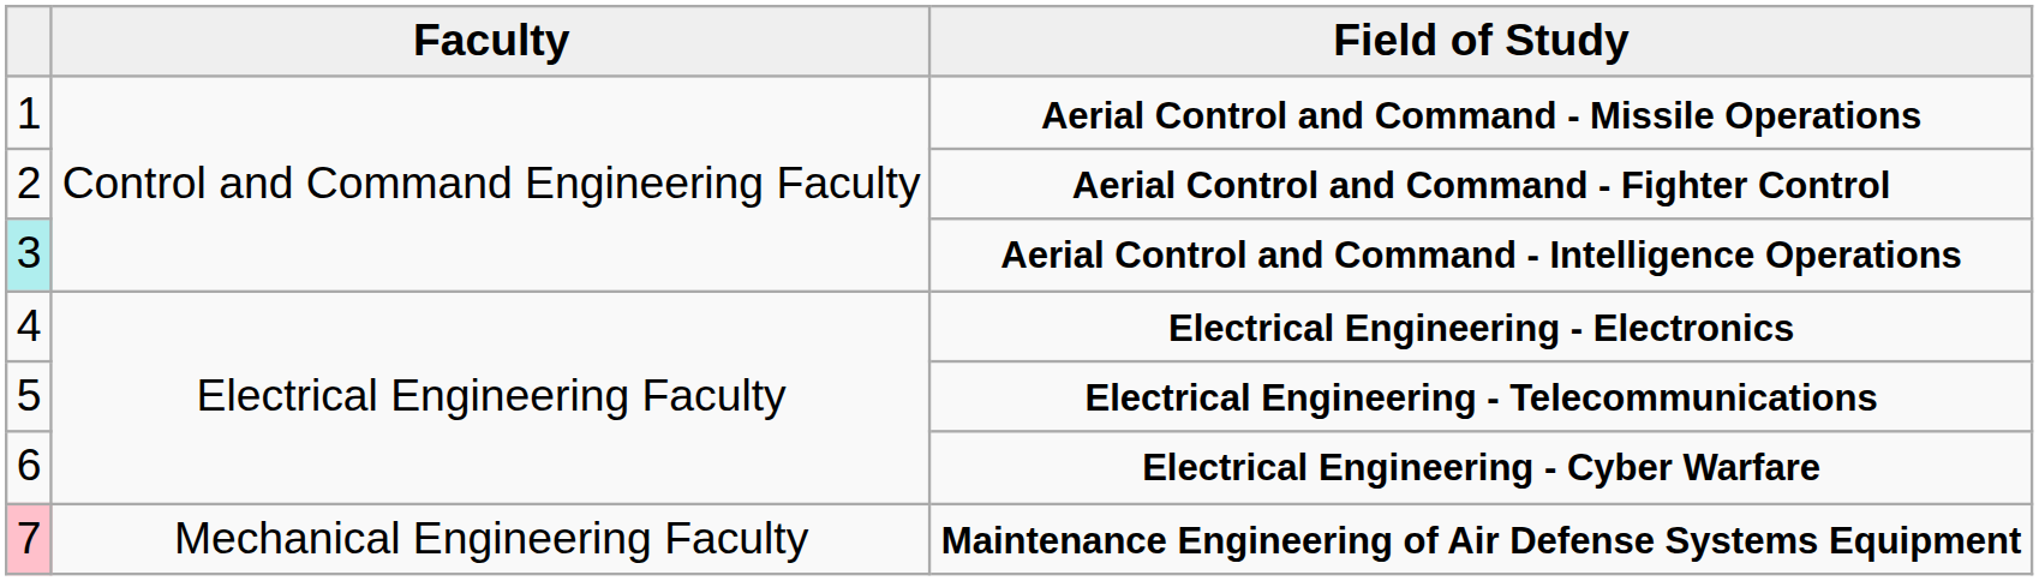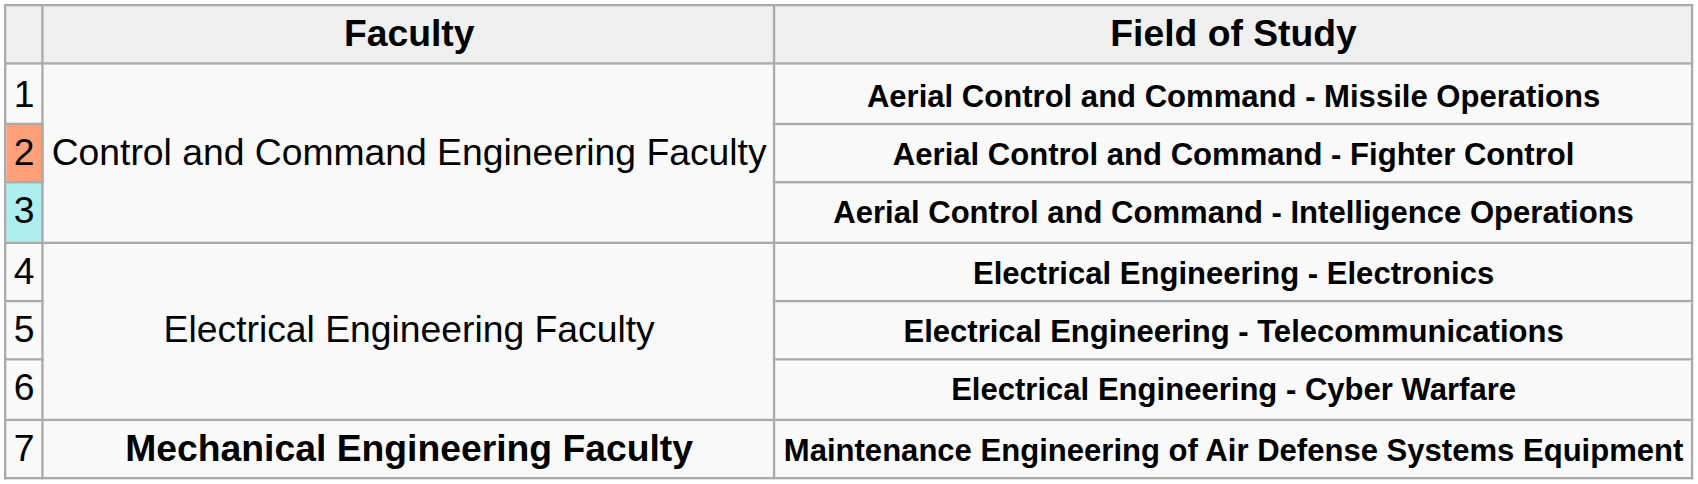 <table class="wikitable" style="text-align: center;">
 <tr>
 <th style="background: #efefef;"></th>
 <th style="background: #efefef;"><strong>Faculty</strong></th>
 <th style="background: #efefef;"><strong>Field of Study</strong></th>
 </tr>
 <tr>
 <td>1</td>
 <td rowspan="3">Control and Command Engineering Faculty</td>
 <td><strong><small>Aerial Control and Command - Missile Operations</small></strong></td>
 </tr>
 <tr>
-<td>2</td>
+<td style="background: lightsalmon;">2</td>
 <td><strong><small>Aerial Control and Command - Fighter Control</small></strong></td>
 </tr>
 <tr>
 <td style="background: paleturquoise;">3</td>
 <td><strong><small>Aerial Control and Command - Intelligence Operations</small></strong></td>
 </tr>
 <tr>
 <td>4</td>
 <td rowspan="3">Electrical Engineering Faculty</td>
 <td><strong><small>Electrical Engineering - Electronics</small></strong></td>
 </tr>
 <tr>
 <td>5</td>
 <td><strong><small>Electrical Engineering - Telecommunications</small></strong></td>
 </tr>
 <tr>
 <td>6</td>
 <td><strong><small>Electrical Engineering - Cyber Warfare</small></strong></td>
 </tr>
 <tr>
-<td style="background: pink;">7</td>
-<td>Mechanical Engineering Faculty</td>
+<td>7</td>
+<td><strong>Mechanical Engineering Faculty</strong></td>
 <td><strong><small>Maintenance Engineering of Air Defense Systems Equipment</small></strong></td>
 </tr>
 </table>
